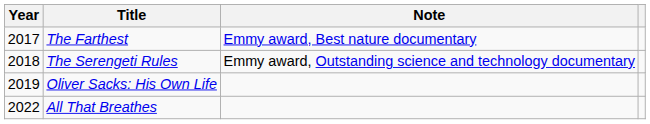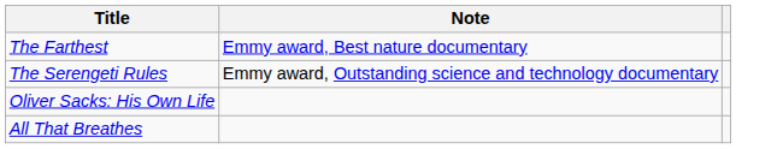 <table class="wikitable sortable" style="border:none; margin:0;">
 <tr align="bottom">
-<th scope="col">Year</th>
 <th scope="col">Title</th>
 <th scope="col" class="unsortable">Note</th>
 <th scope="col" class="unsortable"></th>
 </tr>
 <tr>
-<td>2017</td>
 <td><em><a href='#'>The Farthest</a></em></td>
 <td><a href='#'> Emmy award, Best nature documentary</a></td>
 <td></td>
 </tr>
 <tr>
-<td>2018</td>
 <td><em><a href='#'>The Serengeti Rules</a></em></td>
 <td>Emmy award, <a href='#'>Outstanding science and technology documentary</a></td>
 <td></td>
 </tr>
 <tr>
-<td>2019</td>
 <td><em><a href='#'>Oliver Sacks: His Own Life</a></em></td>
 <td></td>
 <td></td>
 </tr>
 <tr>
-<td>2022</td>
 <td><em><a href='#'>All That Breathes</a></em></td>
 <td></td>
 <td></td>
 </tr>
 </table>
